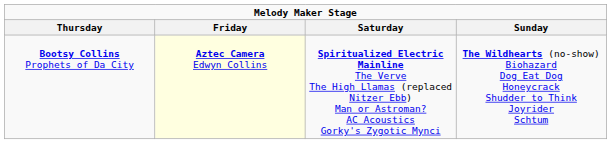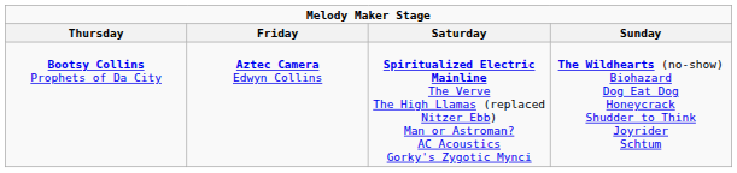 <table class="wikitable">
 <tr>
 <td colspan="4" style="text-align:center;"><strong>Melody Maker Stage</strong></td>
 </tr>
 <tr>
 <th>Thursday</th>
 <th>Friday</th>
 <th>Saturday</th>
 <th>Sunday</th>
 </tr>
 <tr>
 <td style="text-align:center; vertical-align:top; width:200px;"><br><strong><a href='#'>Bootsy Collins</a></strong><br> <a href='#'>Prophets of Da City</a></td>
-<td style="background: lightyellow; text-align:center; vertical-align:top; width:200px;"><br><strong><a href='#'>Aztec Camera</a></strong><br> <a href='#'>Edwyn Collins</a></td>
+<td style="text-align:center; vertical-align:top; width:200px;"><br><strong><a href='#'>Aztec Camera</a></strong><br> <a href='#'>Edwyn Collins</a></td>
 <td style="text-align:center; vertical-align:top; width:200px;"><br><a href='#'><strong>Spiritualized Electric Mainline</strong></a><br> <a href='#'>The Verve</a><br> <a href='#'>The High Llamas</a> (replaced <a href='#'>Nitzer Ebb</a>)<br> <a href='#'>Man or Astroman?</a><br> <a href='#'>AC Acoustics</a><br> <a href='#'>Gorky's Zygotic Mynci</a></td>
 <td style="text-align:center; vertical-align:top; width:200px;"><br><strong><a href='#'>The Wildhearts</a></strong> (no-show)<br> <a href='#'>Biohazard</a><br> <a href='#'>Dog Eat Dog</a><br> <a href='#'>Honeycrack</a><br> <a href='#'>Shudder to Think</a><br> <a href='#'>Joyrider</a><br> <a href='#'>Schtum</a></td>
 </tr>
 </table>
